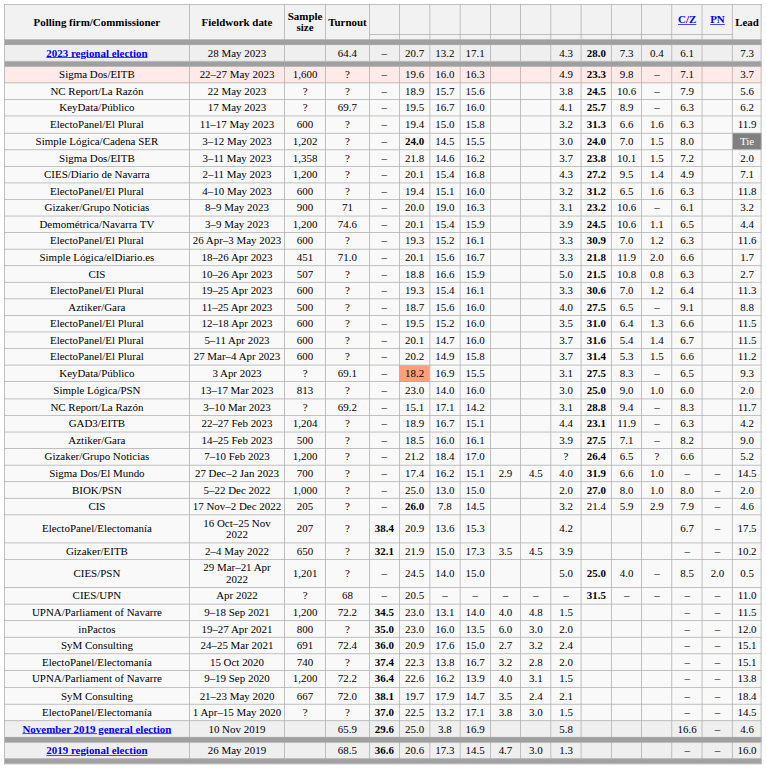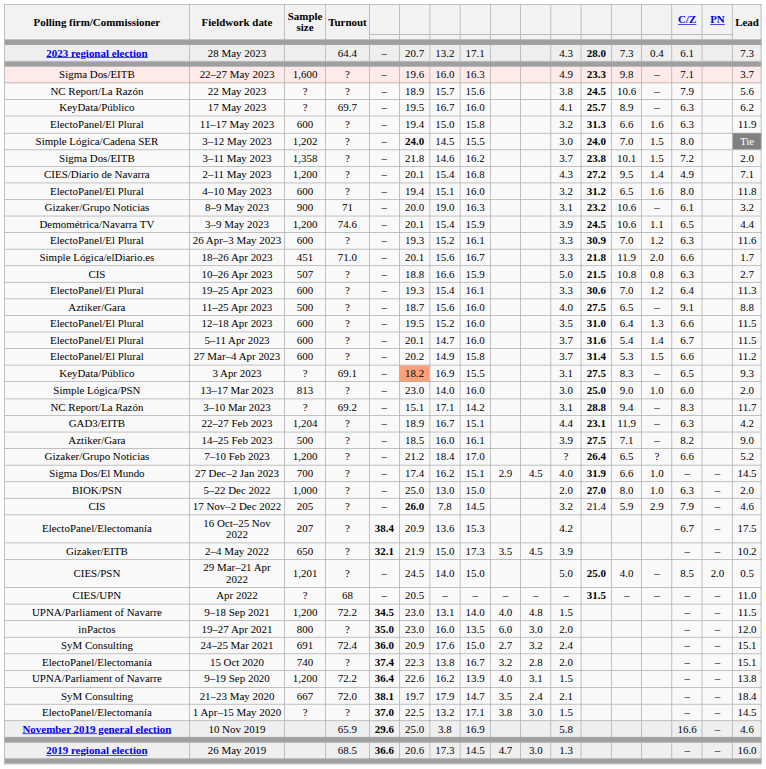 <table class="wikitable collapsible collapsed" style="text-align:center; font-size:95%; line-height:16px;">
 <tr style="height:42px;">
 <th style="width:250px;" rowspan="2">Polling firm/Commissioner</th>
 <th style="width:125px;" rowspan="2">Fieldwork date</th>
 <th style="width:50px;" rowspan="2">Sample size</th>
 <th style="width:45px;" rowspan="2">Turnout</th>
 <th style="width:35px;"></th>
 <th style="width:35px;"></th>
 <th style="width:35px;"></th>
 <th style="width:35px;"></th>
 <th style="width:35px;"></th>
 <th style="width:35px;"></th>
 <th style="width:35px;"></th>
 <th style="width:35px;"></th>
 <th style="width:35px;"></th>
 <th style="width:35px;"></th>
 <th style="width:35px;"><a href='#'>C/Z</a></th>
 <th style="width:35px;"><a href='#'>PN</a></th>
 <th style="width:30px;" rowspan="2">Lead</th>
 </tr>
 <tr>
 <th style="color:inherit;background:"></th>
 <th style="color:inherit;background:"></th>
 <th style="color:inherit;background:"></th>
 <th style="color:inherit;background:"></th>
 <th style="color:inherit;background:"></th>
 <th style="color:inherit;background:"></th>
 <th style="color:inherit;background:"></th>
 <th style="color:inherit;background:"></th>
 <th style="color:inherit;background:"></th>
 <th style="color:inherit;background:"></th>
 <th style="color:inherit;background:"></th>
 <th style="color:inherit;background:"></th>
 </tr>
 <tr>
 <td colspan="17" style="background:#A0A0A0"></td>
 </tr>
 <tr style="background:#EFEFEF;">
 <td><strong><a href='#'>2023 regional election</a></strong></td>
 <td>28 May 2023</td>
 <td></td>
 <td>64.4</td>
 <td>–</td>
 <td>20.7<br></td>
 <td>13.2<br></td>
 <td>17.1<br></td>
 <td></td>
 <td></td>
 <td>4.3<br></td>
 <td><strong>28.0</strong><br></td>
 <td>7.3<br></td>
 <td>0.4<br></td>
 <td>6.1<br></td>
 <td></td>
 <td style="background:">7.3</td>
 </tr>
 <tr>
 <td colspan="17" style="background:#A0A0A0"></td>
 </tr>
 <tr style="background:#FFEAEA;">
 <td>Sigma Dos/EITB</td>
 <td>22–27 May 2023</td>
 <td>1,600</td>
 <td>?</td>
 <td>–</td>
 <td>19.6<br></td>
 <td>16.0<br></td>
 <td>16.3<br></td>
 <td></td>
 <td></td>
 <td>4.9<br></td>
 <td><strong>23.3</strong><br></td>
 <td>9.8<br></td>
 <td>–</td>
 <td>7.1<br></td>
 <td></td>
 <td style="background:">3.7</td>
 </tr>
 <tr>
 <td>NC Report/La Razón</td>
 <td>22 May 2023</td>
 <td>?</td>
 <td>?</td>
 <td>–</td>
 <td>18.9<br></td>
 <td>15.7<br></td>
 <td>15.6<br></td>
 <td></td>
 <td></td>
 <td>3.8<br></td>
 <td><strong>24.5</strong><br></td>
 <td>10.6<br></td>
 <td>–</td>
 <td>7.9<br></td>
 <td></td>
 <td style="background:">5.6</td>
 </tr>
 <tr>
 <td>KeyData/Público</td>
 <td>17 May 2023</td>
 <td>?</td>
 <td>69.7</td>
 <td>–</td>
 <td>19.5<br></td>
 <td>16.7<br></td>
 <td>16.0<br></td>
 <td></td>
 <td></td>
 <td>4.1<br></td>
 <td><strong>25.7</strong><br></td>
 <td>8.9<br></td>
 <td>–</td>
 <td>6.3<br></td>
 <td></td>
 <td style="background:">6.2</td>
 </tr>
 <tr>
 <td>ElectoPanel/El Plural</td>
 <td>11–17 May 2023</td>
 <td>600</td>
 <td>?</td>
 <td>–</td>
 <td>19.4<br></td>
 <td>15.0<br></td>
 <td>15.8<br></td>
 <td></td>
 <td></td>
 <td>3.2<br></td>
 <td><strong>31.3</strong><br></td>
 <td>6.6<br></td>
 <td>1.6<br></td>
 <td>6.3<br></td>
 <td></td>
 <td style="background:">11.9</td>
 </tr>
 <tr>
 <td>Simple Lógica/Cadena SER</td>
 <td>3–12 May 2023</td>
 <td>1,202</td>
 <td>?</td>
 <td>–</td>
 <td><strong>24.0</strong><br></td>
 <td>14.5<br></td>
 <td>15.5<br></td>
 <td></td>
 <td></td>
 <td>3.0<br></td>
 <td><strong>24.0</strong><br></td>
 <td>7.0<br></td>
 <td>1.5<br></td>
 <td>8.0<br></td>
 <td></td>
 <td style="background:grey; color:white;">Tie</td>
 </tr>
 <tr>
 <td>Sigma Dos/EITB</td>
 <td>3–11 May 2023</td>
 <td>1,358</td>
 <td>?</td>
 <td>–</td>
 <td>21.8<br></td>
 <td>14.6<br></td>
 <td>16.2<br></td>
 <td></td>
 <td></td>
 <td>3.7<br></td>
 <td><strong>23.8</strong><br></td>
 <td>10.1<br></td>
 <td>1.5<br></td>
 <td>7.2<br></td>
 <td></td>
 <td style="background:">2.0</td>
 </tr>
 <tr>
 <td>CIES/Diario de Navarra</td>
 <td>2–11 May 2023</td>
 <td>1,200</td>
 <td>?</td>
 <td>–</td>
 <td>20.1<br></td>
 <td>15.4<br></td>
 <td>16.8<br></td>
 <td></td>
 <td></td>
 <td>4.3<br></td>
 <td><strong>27.2</strong><br></td>
 <td>9.5<br></td>
 <td>1.4<br></td>
 <td>4.9<br></td>
 <td></td>
 <td style="background:">7.1</td>
 </tr>
 <tr>
 <td>ElectoPanel/El Plural</td>
 <td>4–10 May 2023</td>
 <td>600</td>
 <td>?</td>
 <td>–</td>
 <td>19.4<br></td>
 <td>15.1<br></td>
 <td>16.0<br></td>
 <td></td>
 <td></td>
 <td>3.2<br></td>
 <td><strong>31.2</strong><br></td>
 <td>6.5<br></td>
 <td>1.6<br></td>
-<td>6.3<br></td>
+<td>8.0<br></td>
 <td></td>
 <td style="background:">11.8</td>
 </tr>
 <tr>
 <td>Gizaker/Grupo Noticias</td>
 <td>8–9 May 2023</td>
 <td>900</td>
 <td>71</td>
 <td>–</td>
 <td>20.0<br></td>
 <td>19.0<br></td>
 <td>16.3<br></td>
 <td></td>
 <td></td>
 <td>3.1<br></td>
 <td><strong>23.2</strong><br></td>
 <td>10.6<br></td>
 <td>–</td>
 <td>6.1<br></td>
 <td></td>
 <td style="background:">3.2</td>
 </tr>
 <tr>
 <td>Demométrica/Navarra TV</td>
 <td>3–9 May 2023</td>
 <td>1,200</td>
 <td>74.6</td>
 <td>–</td>
 <td>20.1<br></td>
 <td>15.4<br></td>
 <td>15.9<br></td>
 <td></td>
 <td></td>
 <td>3.9<br></td>
 <td><strong>24.5</strong><br></td>
 <td>10.6<br></td>
 <td>1.1<br></td>
 <td>6.5<br></td>
 <td></td>
 <td style="background:">4.4</td>
 </tr>
 <tr>
 <td>ElectoPanel/El Plural</td>
 <td>26 Apr–3 May 2023</td>
 <td>600</td>
 <td>?</td>
 <td>–</td>
 <td>19.3<br></td>
 <td>15.2<br></td>
 <td>16.1<br></td>
 <td></td>
 <td></td>
 <td>3.3<br></td>
 <td><strong>30.9</strong><br></td>
 <td>7.0<br></td>
 <td>1.2<br></td>
 <td>6.3<br></td>
 <td></td>
 <td style="background:">11.6</td>
 </tr>
 <tr>
 <td>Simple Lógica/elDiario.es</td>
 <td>18–26 Apr 2023</td>
 <td>451</td>
 <td>71.0</td>
 <td>–</td>
 <td>20.1<br></td>
 <td>15.6<br></td>
 <td>16.7<br></td>
 <td></td>
 <td></td>
 <td>3.3<br></td>
 <td><strong>21.8</strong><br></td>
 <td>11.9<br></td>
 <td>2.0<br></td>
 <td>6.6<br></td>
 <td></td>
 <td style="background:">1.7</td>
 </tr>
 <tr>
 <td>CIS</td>
 <td>10–26 Apr 2023</td>
 <td>507</td>
 <td>?</td>
 <td>–</td>
 <td>18.8<br></td>
 <td>16.6<br></td>
 <td>15.9<br></td>
 <td></td>
 <td></td>
 <td>5.0<br></td>
 <td><strong>21.5</strong><br></td>
 <td>10.8<br></td>
 <td>0.8<br></td>
 <td>6.3<br></td>
 <td></td>
 <td style="background:">2.7</td>
 </tr>
 <tr>
 <td>ElectoPanel/El Plural</td>
 <td>19–25 Apr 2023</td>
 <td>600</td>
 <td>?</td>
 <td>–</td>
 <td>19.3<br></td>
 <td>15.4<br></td>
 <td>16.1<br></td>
 <td></td>
 <td></td>
 <td>3.3<br></td>
 <td><strong>30.6</strong><br></td>
 <td>7.0<br></td>
 <td>1.2<br></td>
 <td>6.4<br></td>
 <td></td>
 <td style="background:">11.3</td>
 </tr>
 <tr>
 <td>Aztiker/Gara</td>
 <td>11–25 Apr 2023</td>
 <td>500</td>
 <td>?</td>
 <td>–</td>
 <td>18.7<br></td>
 <td>15.6<br></td>
 <td>16.0<br></td>
 <td></td>
 <td></td>
 <td>4.0<br></td>
 <td><strong>27.5</strong><br></td>
 <td>6.5<br></td>
 <td>–</td>
 <td>9.1<br></td>
 <td></td>
 <td style="background:">8.8</td>
 </tr>
 <tr>
 <td>ElectoPanel/El Plural</td>
 <td>12–18 Apr 2023</td>
 <td>600</td>
 <td>?</td>
 <td>–</td>
 <td>19.5<br></td>
 <td>15.2<br></td>
 <td>16.0<br></td>
 <td></td>
 <td></td>
 <td>3.5<br></td>
 <td><strong>31.0</strong><br></td>
 <td>6.4<br></td>
 <td>1.3<br></td>
 <td>6.6<br></td>
 <td></td>
 <td style="background:">11.5</td>
 </tr>
 <tr>
 <td>ElectoPanel/El Plural</td>
 <td>5–11 Apr 2023</td>
 <td>600</td>
 <td>?</td>
 <td>–</td>
 <td>20.1<br></td>
 <td>14.7<br></td>
 <td>16.0<br></td>
 <td></td>
 <td></td>
 <td>3.7<br></td>
 <td><strong>31.6</strong><br></td>
 <td>5.4<br></td>
 <td>1.4<br></td>
 <td>6.7<br></td>
 <td></td>
 <td style="background:">11.5</td>
 </tr>
 <tr>
 <td>ElectoPanel/El Plural</td>
 <td>27 Mar–4 Apr 2023</td>
 <td>600</td>
 <td>?</td>
 <td>–</td>
 <td>20.2<br></td>
 <td>14.9<br></td>
 <td>15.8<br></td>
 <td></td>
 <td></td>
 <td>3.7<br></td>
 <td><strong>31.4</strong><br></td>
 <td>5.3<br></td>
 <td>1.5<br></td>
 <td>6.6<br></td>
 <td></td>
 <td style="background:">11.2</td>
 </tr>
 <tr>
 <td>KeyData/Público</td>
 <td>3 Apr 2023</td>
 <td>?</td>
 <td>69.1</td>
 <td>–</td>
 <td style="background: lightsalmon;">18.2<br></td>
 <td>16.9<br></td>
 <td>15.5<br></td>
 <td></td>
 <td></td>
 <td>3.1<br></td>
 <td><strong>27.5</strong><br></td>
 <td>8.3<br></td>
 <td>–</td>
 <td>6.5<br></td>
 <td></td>
 <td style="background:">9.3</td>
 </tr>
 <tr>
 <td>Simple Lógica/PSN</td>
 <td>13–17 Mar 2023</td>
 <td>813</td>
 <td>?</td>
 <td>–</td>
 <td>23.0<br></td>
 <td>14.0<br></td>
 <td>16.0<br></td>
 <td></td>
 <td></td>
 <td>3.0<br></td>
 <td><strong>25.0</strong><br></td>
 <td>9.0<br></td>
 <td>1.0<br></td>
 <td>6.0<br></td>
 <td></td>
 <td style="background:">2.0</td>
 </tr>
 <tr>
 <td>NC Report/La Razón</td>
 <td>3–10 Mar 2023</td>
 <td>?</td>
 <td>69.2</td>
 <td>–</td>
 <td>15.1<br></td>
 <td>17.1<br></td>
 <td>14.2<br></td>
 <td></td>
 <td></td>
 <td>3.1<br></td>
 <td><strong>28.8</strong><br></td>
 <td>9.4<br></td>
 <td>–</td>
 <td>8.3<br></td>
 <td></td>
 <td style="background:">11.7</td>
 </tr>
 <tr>
 <td>GAD3/EITB</td>
 <td>22–27 Feb 2023</td>
 <td>1,204</td>
 <td>?</td>
 <td>–</td>
 <td>18.9<br></td>
 <td>16.7<br></td>
 <td>15.1<br></td>
 <td></td>
 <td></td>
 <td>4.4<br></td>
 <td><strong>23.1</strong><br></td>
 <td>11.9<br></td>
 <td>–</td>
 <td>6.3<br></td>
 <td></td>
 <td style="background:">4.2</td>
 </tr>
 <tr>
 <td>Aztiker/Gara</td>
 <td>14–25 Feb 2023</td>
 <td>500</td>
 <td>?</td>
 <td>–</td>
 <td>18.5<br></td>
 <td>16.0<br></td>
 <td>16.1<br></td>
 <td></td>
 <td></td>
 <td>3.9<br></td>
 <td><strong>27.5</strong><br></td>
 <td>7.1<br></td>
 <td>–</td>
 <td>8.2<br></td>
 <td></td>
 <td style="background:">9.0</td>
 </tr>
 <tr>
 <td>Gizaker/Grupo Noticias</td>
 <td>7–10 Feb 2023</td>
 <td>1,200</td>
 <td>?</td>
 <td>–</td>
 <td>21.2<br></td>
 <td>18.4<br></td>
 <td>17.0<br></td>
 <td></td>
 <td></td>
 <td>?<br></td>
 <td><strong>26.4</strong><br></td>
 <td>6.5<br></td>
 <td>?<br></td>
 <td>6.6<br></td>
 <td></td>
 <td style="background:">5.2</td>
 </tr>
 <tr>
 <td>Sigma Dos/El Mundo</td>
 <td>27 Dec–2 Jan 2023</td>
 <td>700</td>
 <td>?</td>
 <td>–</td>
 <td>17.4<br></td>
 <td>16.2<br></td>
 <td>15.1<br></td>
 <td>2.9<br></td>
 <td>4.5<br></td>
 <td>4.0<br></td>
 <td><strong>31.9</strong><br></td>
 <td>6.6<br></td>
 <td>1.0<br></td>
 <td>–</td>
 <td>–</td>
 <td style="background:">14.5</td>
 </tr>
 <tr>
 <td>BIOK/PSN</td>
 <td>5–22 Dec 2022</td>
 <td>1,000</td>
 <td>?</td>
 <td>–</td>
 <td>25.0<br></td>
 <td>13.0<br></td>
 <td>15.0<br></td>
 <td></td>
 <td></td>
 <td>2.0<br></td>
 <td><strong>27.0</strong><br></td>
 <td>8.0<br></td>
 <td>1.0<br></td>
-<td>8.0<br></td>
+<td>6.3<br></td>
 <td>–</td>
 <td style="background:">2.0</td>
 </tr>
 <tr>
 <td>CIS</td>
 <td>17 Nov–2 Dec 2022</td>
 <td>205</td>
 <td>?</td>
 <td>–</td>
 <td><strong>26.0</strong><br></td>
 <td>7.8<br></td>
 <td>14.5<br></td>
 <td></td>
 <td></td>
 <td>3.2<br></td>
 <td>21.4<br></td>
 <td>5.9<br></td>
 <td>2.9<br></td>
 <td>7.9<br></td>
 <td>–</td>
 <td style="background:">4.6</td>
 </tr>
 <tr>
 <td>ElectoPanel/Electomanía</td>
 <td>16 Oct–25 Nov 2022</td>
 <td>207</td>
 <td>?</td>
 <td><strong>38.4</strong><br></td>
 <td>20.9<br></td>
 <td>13.6<br></td>
 <td>15.3<br></td>
 <td></td>
 <td></td>
 <td>4.2<br></td>
 <td></td>
 <td></td>
 <td></td>
 <td>6.7<br></td>
 <td>–</td>
 <td style="background:">17.5</td>
 </tr>
 <tr>
 <td>Gizaker/EITB</td>
 <td>2–4 May 2022</td>
 <td>650</td>
 <td>?</td>
 <td><strong>32.1</strong><br></td>
 <td>21.9<br></td>
 <td>15.0<br></td>
 <td>17.3<br></td>
 <td>3.5<br></td>
 <td>4.5<br></td>
 <td>3.9<br></td>
 <td></td>
 <td></td>
 <td></td>
 <td>–</td>
 <td>–</td>
 <td style="background:">10.2</td>
 </tr>
 <tr>
 <td>CIES/PSN</td>
 <td>29 Mar–21 Apr 2022</td>
 <td>1,201</td>
 <td>?</td>
 <td>–</td>
 <td>24.5<br></td>
 <td>14.0<br></td>
 <td>15.0<br></td>
 <td></td>
 <td></td>
 <td>5.0<br></td>
 <td><strong>25.0</strong><br></td>
 <td>4.0<br></td>
 <td>–</td>
 <td>8.5<br></td>
 <td>2.0<br></td>
 <td style="background:">0.5</td>
 </tr>
 <tr>
 <td>CIES/UPN</td>
 <td>Apr 2022</td>
 <td>?</td>
 <td>68</td>
 <td>–</td>
 <td>20.5<br></td>
 <td>–</td>
 <td>–</td>
 <td>–</td>
 <td>–</td>
 <td>–</td>
 <td><strong>31.5</strong><br></td>
 <td>–</td>
 <td>–</td>
 <td>–</td>
 <td>–</td>
 <td style="background:">11.0</td>
 </tr>
 <tr>
 <td>UPNA/Parliament of Navarre</td>
 <td>9–18 Sep 2021</td>
 <td>1,200</td>
 <td>72.2</td>
 <td><strong>34.5</strong><br></td>
 <td>23.0<br></td>
 <td>13.1<br></td>
 <td>14.0<br></td>
 <td>4.0<br></td>
 <td>4.8<br></td>
 <td>1.5<br></td>
 <td></td>
 <td></td>
 <td></td>
 <td>–</td>
 <td>–</td>
 <td style="background:">11.5</td>
 </tr>
 <tr>
 <td>inPactos</td>
 <td>19–27 Apr 2021</td>
 <td>800</td>
 <td>?</td>
 <td><strong>35.0</strong><br></td>
 <td>23.0<br></td>
 <td>16.0<br></td>
 <td>13.5<br></td>
 <td>6.0<br></td>
 <td>3.0<br></td>
 <td>2.0<br></td>
 <td></td>
 <td></td>
 <td></td>
 <td>–</td>
 <td>–</td>
 <td style="background:">12.0</td>
 </tr>
 <tr>
 <td>SyM Consulting</td>
 <td>24–25 Mar 2021</td>
 <td>691</td>
 <td>72.4</td>
 <td><strong>36.0</strong><br></td>
 <td>20.9<br></td>
 <td>17.6<br></td>
 <td>15.0<br></td>
 <td>2.7<br></td>
 <td>3.2<br></td>
 <td>2.4<br></td>
 <td></td>
 <td></td>
 <td></td>
 <td>–</td>
 <td>–</td>
 <td style="background:">15.1</td>
 </tr>
 <tr>
 <td>ElectoPanel/Electomanía</td>
 <td>15 Oct 2020</td>
 <td>740</td>
 <td>?</td>
 <td><strong>37.4</strong><br></td>
 <td>22.3<br></td>
 <td>13.8<br></td>
 <td>16.7<br></td>
 <td>3.2<br></td>
 <td>2.8<br></td>
 <td>2.0<br></td>
 <td></td>
 <td></td>
 <td></td>
 <td>–</td>
 <td>–</td>
 <td style="background:">15.1</td>
 </tr>
 <tr>
 <td>UPNA/Parliament of Navarre</td>
 <td>9–19 Sep 2020</td>
 <td>1,200</td>
 <td>72.2</td>
 <td><strong>36.4</strong><br></td>
 <td>22.6<br></td>
 <td>16.2<br></td>
 <td>13.9<br></td>
 <td>4.0<br></td>
 <td>3.1<br></td>
 <td>1.5<br></td>
 <td></td>
 <td></td>
 <td></td>
 <td>–</td>
 <td>–</td>
 <td style="background:">13.8</td>
 </tr>
 <tr>
 <td>SyM Consulting</td>
 <td>21–23 May 2020</td>
 <td>667</td>
 <td>72.0</td>
 <td><strong>38.1</strong><br></td>
 <td>19.7<br></td>
 <td>17.9<br></td>
 <td>14.7<br></td>
 <td>3.5<br></td>
 <td>2.4<br></td>
 <td>2.1<br></td>
 <td></td>
 <td></td>
 <td></td>
 <td>–</td>
 <td>–</td>
 <td style="background:">18.4</td>
 </tr>
 <tr>
 <td>ElectoPanel/Electomanía</td>
 <td>1 Apr–15 May 2020</td>
 <td>?</td>
 <td>?</td>
 <td><strong>37.0</strong><br></td>
 <td>22.5<br></td>
 <td>13.2<br></td>
 <td>17.1<br></td>
 <td>3.8<br></td>
 <td>3.0<br></td>
 <td>1.5<br></td>
 <td></td>
 <td></td>
 <td></td>
 <td>–</td>
 <td>–</td>
 <td style="background:">14.5</td>
 </tr>
 <tr style="background:#EFEFEF;">
 <td><strong><a href='#'>November 2019 general election</a></strong></td>
 <td>10 Nov 2019</td>
 <td></td>
 <td>65.9</td>
 <td><strong>29.6</strong><br></td>
 <td>25.0<br></td>
 <td>3.8<br></td>
 <td>16.9<br></td>
 <td></td>
 <td></td>
 <td>5.8<br></td>
 <td></td>
 <td></td>
 <td></td>
 <td>16.6<br></td>
 <td>–</td>
 <td style="background:">4.6</td>
 </tr>
 <tr>
 <td colspan="17" style="background:#A0A0A0"></td>
 </tr>
 <tr style="background:#EFEFEF;">
 <td><strong><a href='#'>2019 regional election</a></strong></td>
 <td>26 May 2019</td>
 <td></td>
 <td>68.5</td>
 <td><strong>36.6</strong><br></td>
 <td>20.6<br></td>
 <td>17.3<br></td>
 <td>14.5<br></td>
 <td>4.7<br></td>
 <td>3.0<br></td>
 <td>1.3<br></td>
 <td></td>
 <td></td>
 <td></td>
 <td>–</td>
 <td>–</td>
 <td style="background:">16.0</td>
 </tr>
 <tr>
 <td colspan="17" style="background:#A0A0A0"></td>
 </tr>
 </table>
